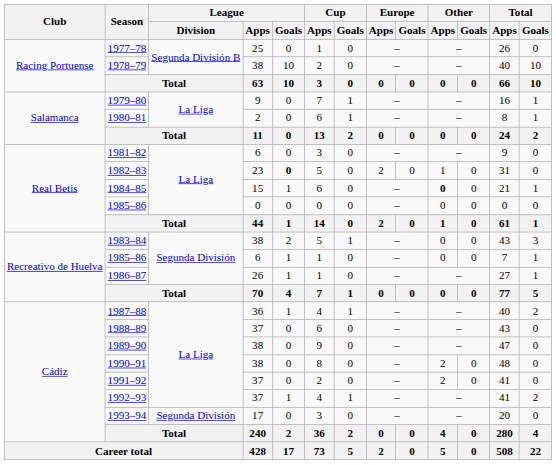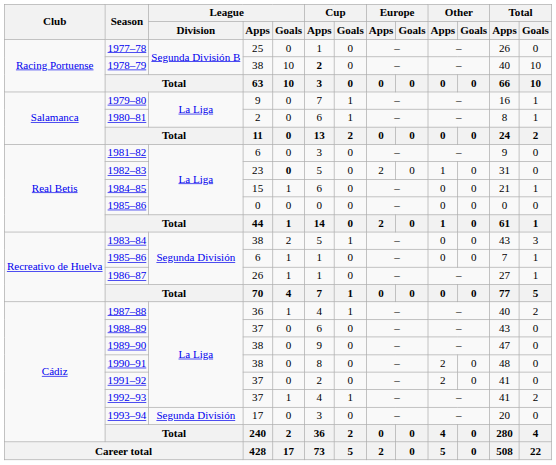 <table class="wikitable" style="text-align: center;">
 <tr>
 <th rowspan="2">Club</th>
 <th rowspan="2">Season</th>
 <th colspan="3">League</th>
 <th colspan="2">Cup</th>
 <th colspan="2">Europe</th>
 <th colspan="2">Other</th>
 <th colspan="2">Total</th>
 </tr>
 <tr>
 <th>Division</th>
 <th>Apps</th>
 <th>Goals</th>
 <th>Apps</th>
 <th>Goals</th>
 <th>Apps</th>
 <th>Goals</th>
 <th>Apps</th>
 <th>Goals</th>
 <th>Apps</th>
 <th>Goals</th>
 </tr>
 <tr>
 <td rowspan="3" valign="center"><a href='#'>Racing Portuense</a></td>
 <td><a href='#'>1977–78</a></td>
 <td rowspan="2"><a href='#'>Segunda División B</a></td>
 <td>25</td>
 <td>0</td>
 <td>1</td>
 <td>0</td>
 <td colspan="2">–</td>
 <td colspan="2">–</td>
 <td>26</td>
 <td>0</td>
 </tr>
 <tr>
 <td><a href='#'>1978–79</a></td>
 <td>38</td>
 <td>10</td>
-<td>2</td>
+<td><strong>2</strong></td>
 <td>0</td>
 <td colspan="2">–</td>
 <td colspan="2">–</td>
 <td>40</td>
 <td>10</td>
 </tr>
 <tr>
 <th colspan="2">Total</th>
 <th>63</th>
 <th>10</th>
 <th>3</th>
 <th>0</th>
 <th>0</th>
 <th>0</th>
 <th>0</th>
 <th>0</th>
 <th>66</th>
 <th>10</th>
 </tr>
 <tr>
 <td rowspan="3" valign="center"><a href='#'>Salamanca</a></td>
 <td><a href='#'>1979–80</a></td>
 <td rowspan="2"><a href='#'>La Liga</a></td>
 <td>9</td>
 <td>0</td>
 <td>7</td>
 <td>1</td>
 <td colspan="2">–</td>
 <td colspan="2">–</td>
 <td>16</td>
 <td>1</td>
 </tr>
 <tr>
 <td><a href='#'>1980–81</a></td>
 <td>2</td>
 <td>0</td>
 <td>6</td>
 <td>1</td>
 <td colspan="2">–</td>
 <td colspan="2">–</td>
 <td>8</td>
 <td>1</td>
 </tr>
 <tr>
 <th colspan="2">Total</th>
 <th>11</th>
 <th>0</th>
 <th>13</th>
 <th>2</th>
 <th>0</th>
 <th>0</th>
 <th>0</th>
 <th>0</th>
 <th>24</th>
 <th>2</th>
 </tr>
 <tr>
 <td rowspan="5" valign="center"><a href='#'>Real Betis</a></td>
 <td><a href='#'>1981–82</a></td>
 <td rowspan="4"><a href='#'>La Liga</a></td>
 <td>6</td>
 <td>0</td>
 <td>3</td>
 <td>0</td>
 <td colspan="2">–</td>
 <td colspan="2">–</td>
 <td>9</td>
 <td>0</td>
 </tr>
 <tr>
 <td><a href='#'>1982–83</a></td>
 <td>23</td>
 <td><strong>0</strong></td>
 <td>5</td>
 <td>0</td>
 <td>2</td>
 <td>0</td>
 <td>1</td>
 <td>0</td>
 <td>31</td>
 <td>0</td>
 </tr>
 <tr>
 <td><a href='#'>1984–85</a></td>
 <td>15</td>
 <td>1</td>
 <td>6</td>
 <td>0</td>
 <td colspan="2">–</td>
-<td><strong>0</strong></td>
+<td>0</td>
 <td>0</td>
 <td>21</td>
 <td>1</td>
 </tr>
 <tr>
 <td><a href='#'>1985–86</a></td>
 <td>0</td>
 <td>0</td>
 <td>0</td>
 <td>0</td>
 <td colspan="2">–</td>
 <td>0</td>
 <td>0</td>
 <td>0</td>
 <td>0</td>
 </tr>
 <tr>
 <th colspan="2">Total</th>
 <th>44</th>
 <th>1</th>
 <th>14</th>
 <th>0</th>
 <th>2</th>
 <th>0</th>
 <th>1</th>
 <th>0</th>
 <th>61</th>
 <th>1</th>
 </tr>
 <tr>
 <td rowspan="4" valign="center"><a href='#'>Recreativo de Huelva</a></td>
 <td><a href='#'>1983–84</a></td>
 <td rowspan="3"><a href='#'>Segunda División</a></td>
 <td>38</td>
 <td>2</td>
 <td>5</td>
 <td>1</td>
 <td colspan="2">–</td>
 <td>0</td>
 <td>0</td>
 <td>43</td>
 <td>3</td>
 </tr>
 <tr>
 <td><a href='#'>1985–86</a></td>
 <td>6</td>
 <td>1</td>
 <td>1</td>
 <td>0</td>
 <td colspan="2">–</td>
 <td>0</td>
 <td>0</td>
 <td>7</td>
 <td>1</td>
 </tr>
 <tr>
 <td><a href='#'>1986–87</a></td>
 <td>26</td>
 <td>1</td>
 <td>1</td>
 <td>0</td>
 <td colspan="2">–</td>
 <td colspan="2">–</td>
 <td>27</td>
 <td>1</td>
 </tr>
 <tr>
 <th colspan="2">Total</th>
 <th>70</th>
 <th>4</th>
 <th>7</th>
 <th>1</th>
 <th>0</th>
 <th>0</th>
 <th>0</th>
 <th>0</th>
 <th>77</th>
 <th>5</th>
 </tr>
 <tr>
 <td rowspan="8" valign="center"><a href='#'>Cádiz</a></td>
 <td><a href='#'>1987–88</a></td>
 <td rowspan="6"><a href='#'>La Liga</a></td>
 <td>36</td>
 <td>1</td>
 <td>4</td>
 <td>1</td>
 <td colspan="2">–</td>
 <td colspan="2">–</td>
 <td>40</td>
 <td>2</td>
 </tr>
 <tr>
 <td><a href='#'>1988–89</a></td>
 <td>37</td>
 <td>0</td>
 <td>6</td>
 <td>0</td>
 <td colspan="2">–</td>
 <td colspan="2">–</td>
 <td>43</td>
 <td>0</td>
 </tr>
 <tr>
 <td><a href='#'>1989–90</a></td>
 <td>38</td>
 <td>0</td>
 <td>9</td>
 <td>0</td>
 <td colspan="2">–</td>
 <td colspan="2">–</td>
 <td>47</td>
 <td>0</td>
 </tr>
 <tr>
 <td><a href='#'>1990–91</a></td>
 <td>38</td>
 <td>0</td>
 <td>8</td>
 <td>0</td>
 <td colspan="2">–</td>
 <td>2</td>
 <td>0</td>
 <td>48</td>
 <td>0</td>
 </tr>
 <tr>
 <td><a href='#'>1991–92</a></td>
 <td>37</td>
 <td>0</td>
 <td>2</td>
 <td>0</td>
 <td colspan="2">–</td>
 <td>2</td>
 <td>0</td>
 <td>41</td>
 <td>0</td>
 </tr>
 <tr>
 <td><a href='#'>1992–93</a></td>
 <td>37</td>
 <td>1</td>
 <td>4</td>
 <td>1</td>
 <td colspan="2">–</td>
 <td colspan="2">–</td>
 <td>41</td>
 <td>2</td>
 </tr>
 <tr>
 <td><a href='#'>1993–94</a></td>
 <td><a href='#'>Segunda División</a></td>
 <td>17</td>
 <td>0</td>
 <td>3</td>
 <td>0</td>
 <td colspan="2">–</td>
 <td colspan="2">–</td>
 <td>20</td>
 <td>0</td>
 </tr>
 <tr>
 <th colspan="2">Total</th>
 <th>240</th>
 <th>2</th>
 <th>36</th>
 <th>2</th>
 <th>0</th>
 <th>0</th>
 <th>4</th>
 <th>0</th>
 <th>280</th>
 <th>4</th>
 </tr>
 <tr>
 <th colspan="3">Career total</th>
 <th>428</th>
 <th>17</th>
 <th>73</th>
 <th>5</th>
 <th>2</th>
 <th>0</th>
 <th>5</th>
 <th>0</th>
 <th>508</th>
 <th>22</th>
 </tr>
 </table>
